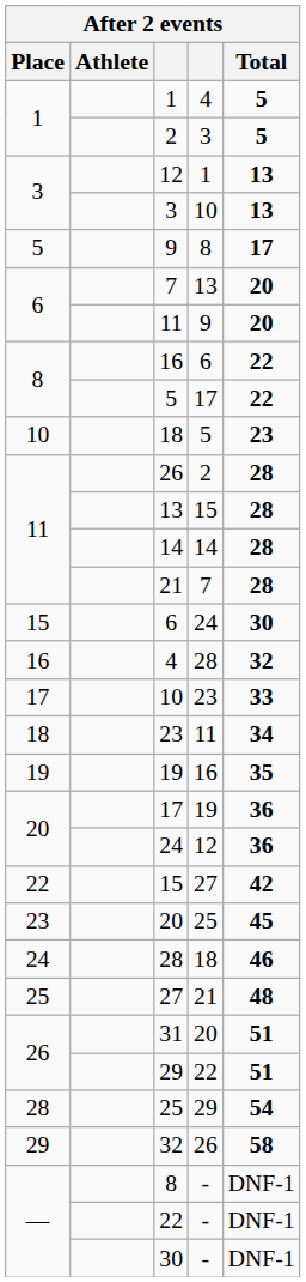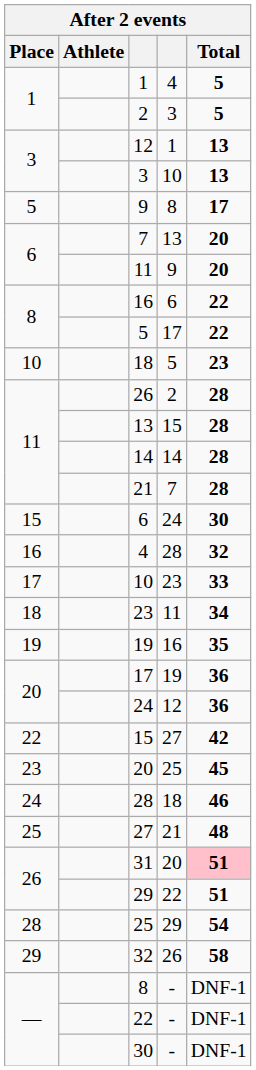 <table class=wikitable style="text-align:center">
 <tr>
 <th colspan=5><strong>After 2 events</strong></th>
 </tr>
 <tr>
 <th>Place</th>
 <th>Athlete</th>
 <th></th>
 <th></th>
 <th>Total</th>
 </tr>
 <tr>
 <td rowspan=2>1</td>
 <td align=left></td>
 <td>1</td>
 <td>4</td>
 <td><strong>5</strong></td>
 </tr>
 <tr>
 <td align=left></td>
 <td>2</td>
 <td>3</td>
 <td><strong>5</strong></td>
 </tr>
 <tr>
 <td rowspan=2>3</td>
 <td align=left></td>
 <td>12</td>
 <td>1</td>
 <td><strong>13</strong></td>
 </tr>
 <tr>
 <td align=left></td>
 <td>3</td>
 <td>10</td>
 <td><strong>13</strong></td>
 </tr>
 <tr>
 <td>5</td>
 <td align=left></td>
 <td>9</td>
 <td>8</td>
 <td><strong>17</strong></td>
 </tr>
 <tr>
 <td rowspan=2>6</td>
 <td align=left></td>
 <td>7</td>
 <td>13</td>
 <td><strong>20</strong></td>
 </tr>
 <tr>
 <td align=left></td>
 <td>11</td>
 <td>9</td>
 <td><strong>20</strong></td>
 </tr>
 <tr>
 <td rowspan=2>8</td>
 <td align=left></td>
 <td>16</td>
 <td>6</td>
 <td><strong>22</strong></td>
 </tr>
 <tr>
 <td align=left></td>
 <td>5</td>
 <td>17</td>
 <td><strong>22</strong></td>
 </tr>
 <tr>
 <td>10</td>
 <td align=left></td>
 <td>18</td>
 <td>5</td>
 <td><strong>23</strong></td>
 </tr>
 <tr>
 <td rowspan=4>11</td>
 <td align=left></td>
 <td>26</td>
 <td>2</td>
 <td><strong>28</strong></td>
 </tr>
 <tr>
 <td align=left></td>
 <td>13</td>
 <td>15</td>
 <td><strong>28</strong></td>
 </tr>
 <tr>
 <td align=left></td>
 <td>14</td>
 <td>14</td>
 <td><strong>28</strong></td>
 </tr>
 <tr>
 <td align=left></td>
 <td>21</td>
 <td>7</td>
 <td><strong>28</strong></td>
 </tr>
 <tr>
 <td>15</td>
 <td align=left></td>
 <td>6</td>
 <td>24</td>
 <td><strong>30</strong></td>
 </tr>
 <tr>
 <td>16</td>
 <td align=left></td>
 <td>4</td>
 <td>28</td>
 <td><strong>32</strong></td>
 </tr>
 <tr>
 <td>17</td>
 <td align=left></td>
 <td>10</td>
 <td>23</td>
 <td><strong>33</strong></td>
 </tr>
 <tr>
 <td>18</td>
 <td align=left></td>
 <td>23</td>
 <td>11</td>
 <td><strong>34</strong></td>
 </tr>
 <tr>
 <td>19</td>
 <td align=left></td>
 <td>19</td>
 <td>16</td>
 <td><strong>35</strong></td>
 </tr>
 <tr>
 <td rowspan=2>20</td>
 <td align=left></td>
 <td>17</td>
 <td>19</td>
 <td><strong>36</strong></td>
 </tr>
 <tr>
 <td align=left></td>
 <td>24</td>
 <td>12</td>
 <td><strong>36</strong></td>
 </tr>
 <tr>
 <td>22</td>
 <td align=left></td>
 <td>15</td>
 <td>27</td>
 <td><strong>42</strong></td>
 </tr>
 <tr>
 <td>23</td>
 <td align=left></td>
 <td>20</td>
 <td>25</td>
 <td><strong>45</strong></td>
 </tr>
 <tr>
 <td>24</td>
 <td align=left></td>
 <td>28</td>
 <td>18</td>
 <td><strong>46</strong></td>
 </tr>
 <tr>
 <td>25</td>
 <td align=left></td>
 <td>27</td>
 <td>21</td>
 <td><strong>48</strong></td>
 </tr>
 <tr>
 <td rowspan=2>26</td>
 <td align=left></td>
 <td>31</td>
 <td>20</td>
-<td><strong>51</strong></td>
+<td style="background: pink;"><strong>51</strong></td>
 </tr>
 <tr>
 <td align=left></td>
 <td>29</td>
 <td>22</td>
 <td><strong>51</strong></td>
 </tr>
 <tr>
 <td>28</td>
 <td align=left></td>
 <td>25</td>
 <td>29</td>
 <td><strong>54</strong></td>
 </tr>
 <tr>
 <td>29</td>
 <td align=left></td>
 <td>32</td>
 <td>26</td>
 <td><strong>58</strong></td>
 </tr>
 <tr>
 <td rowspan=3>—</td>
 <td align=left></td>
 <td>8</td>
 <td>-</td>
 <td>DNF-1</td>
 </tr>
 <tr>
 <td align=left></td>
 <td>22</td>
 <td>-</td>
 <td>DNF-1</td>
 </tr>
 <tr>
 <td align=left></td>
 <td>30</td>
 <td>-</td>
 <td>DNF-1</td>
 </tr>
 </table>
